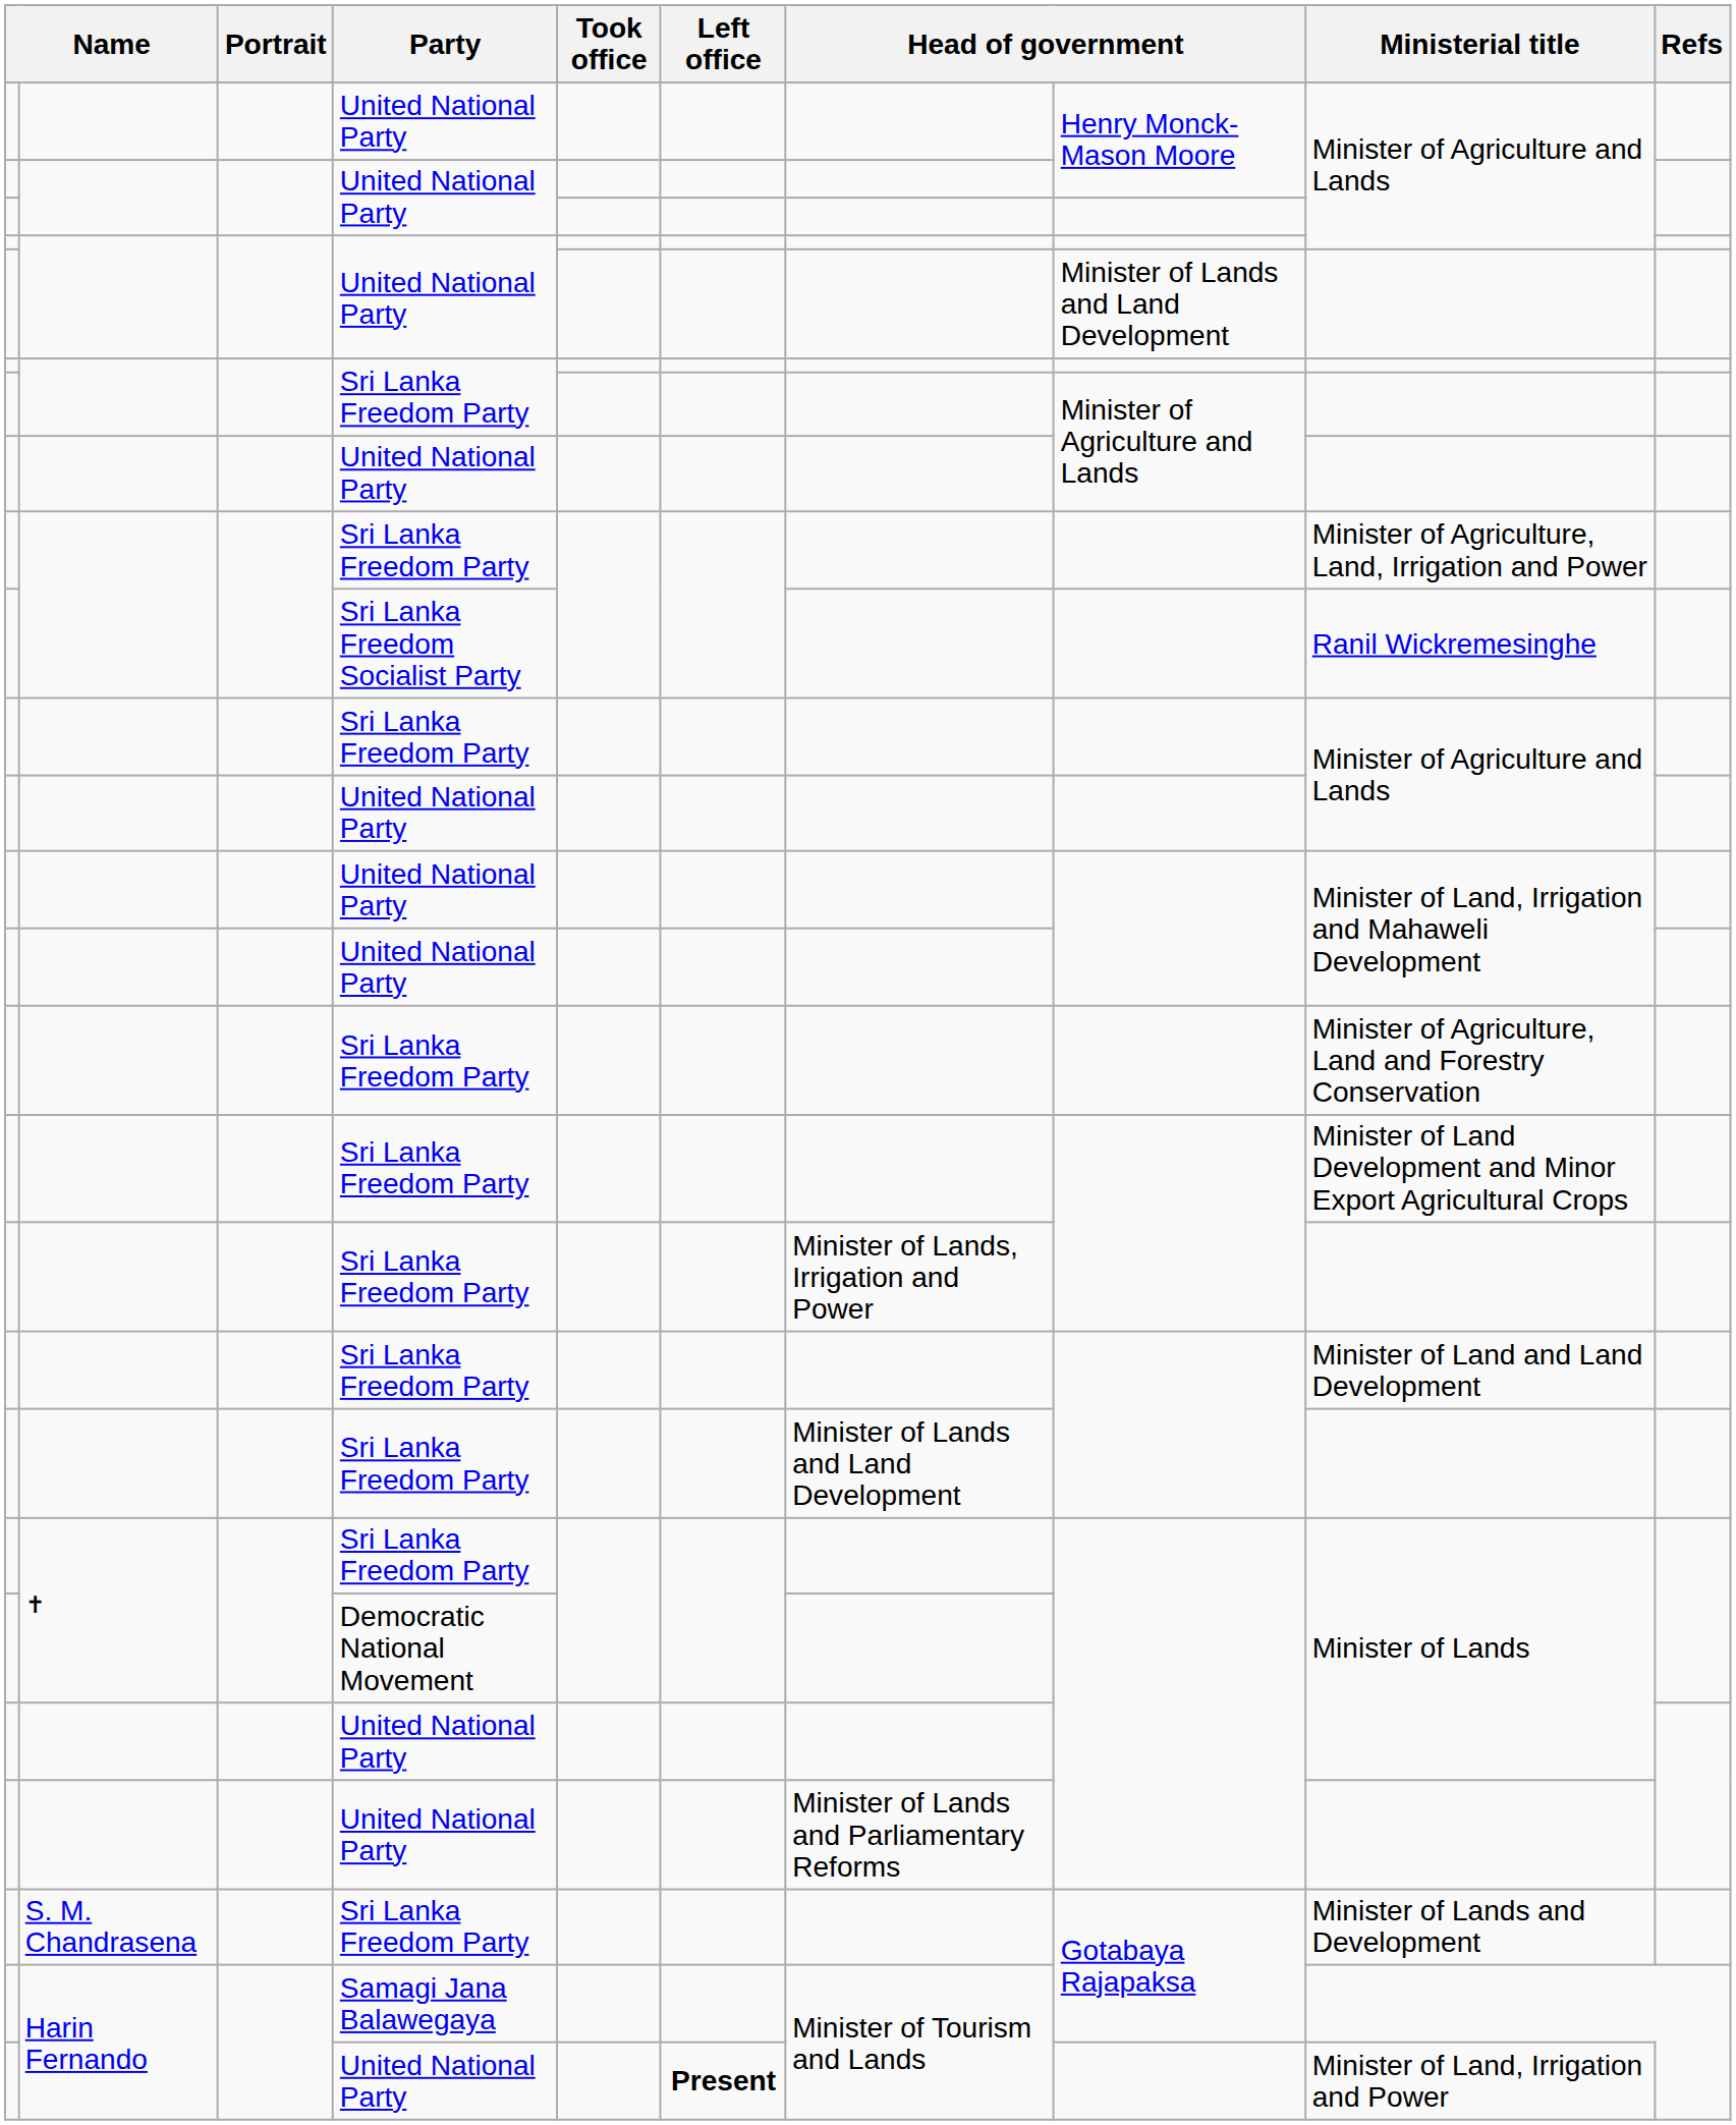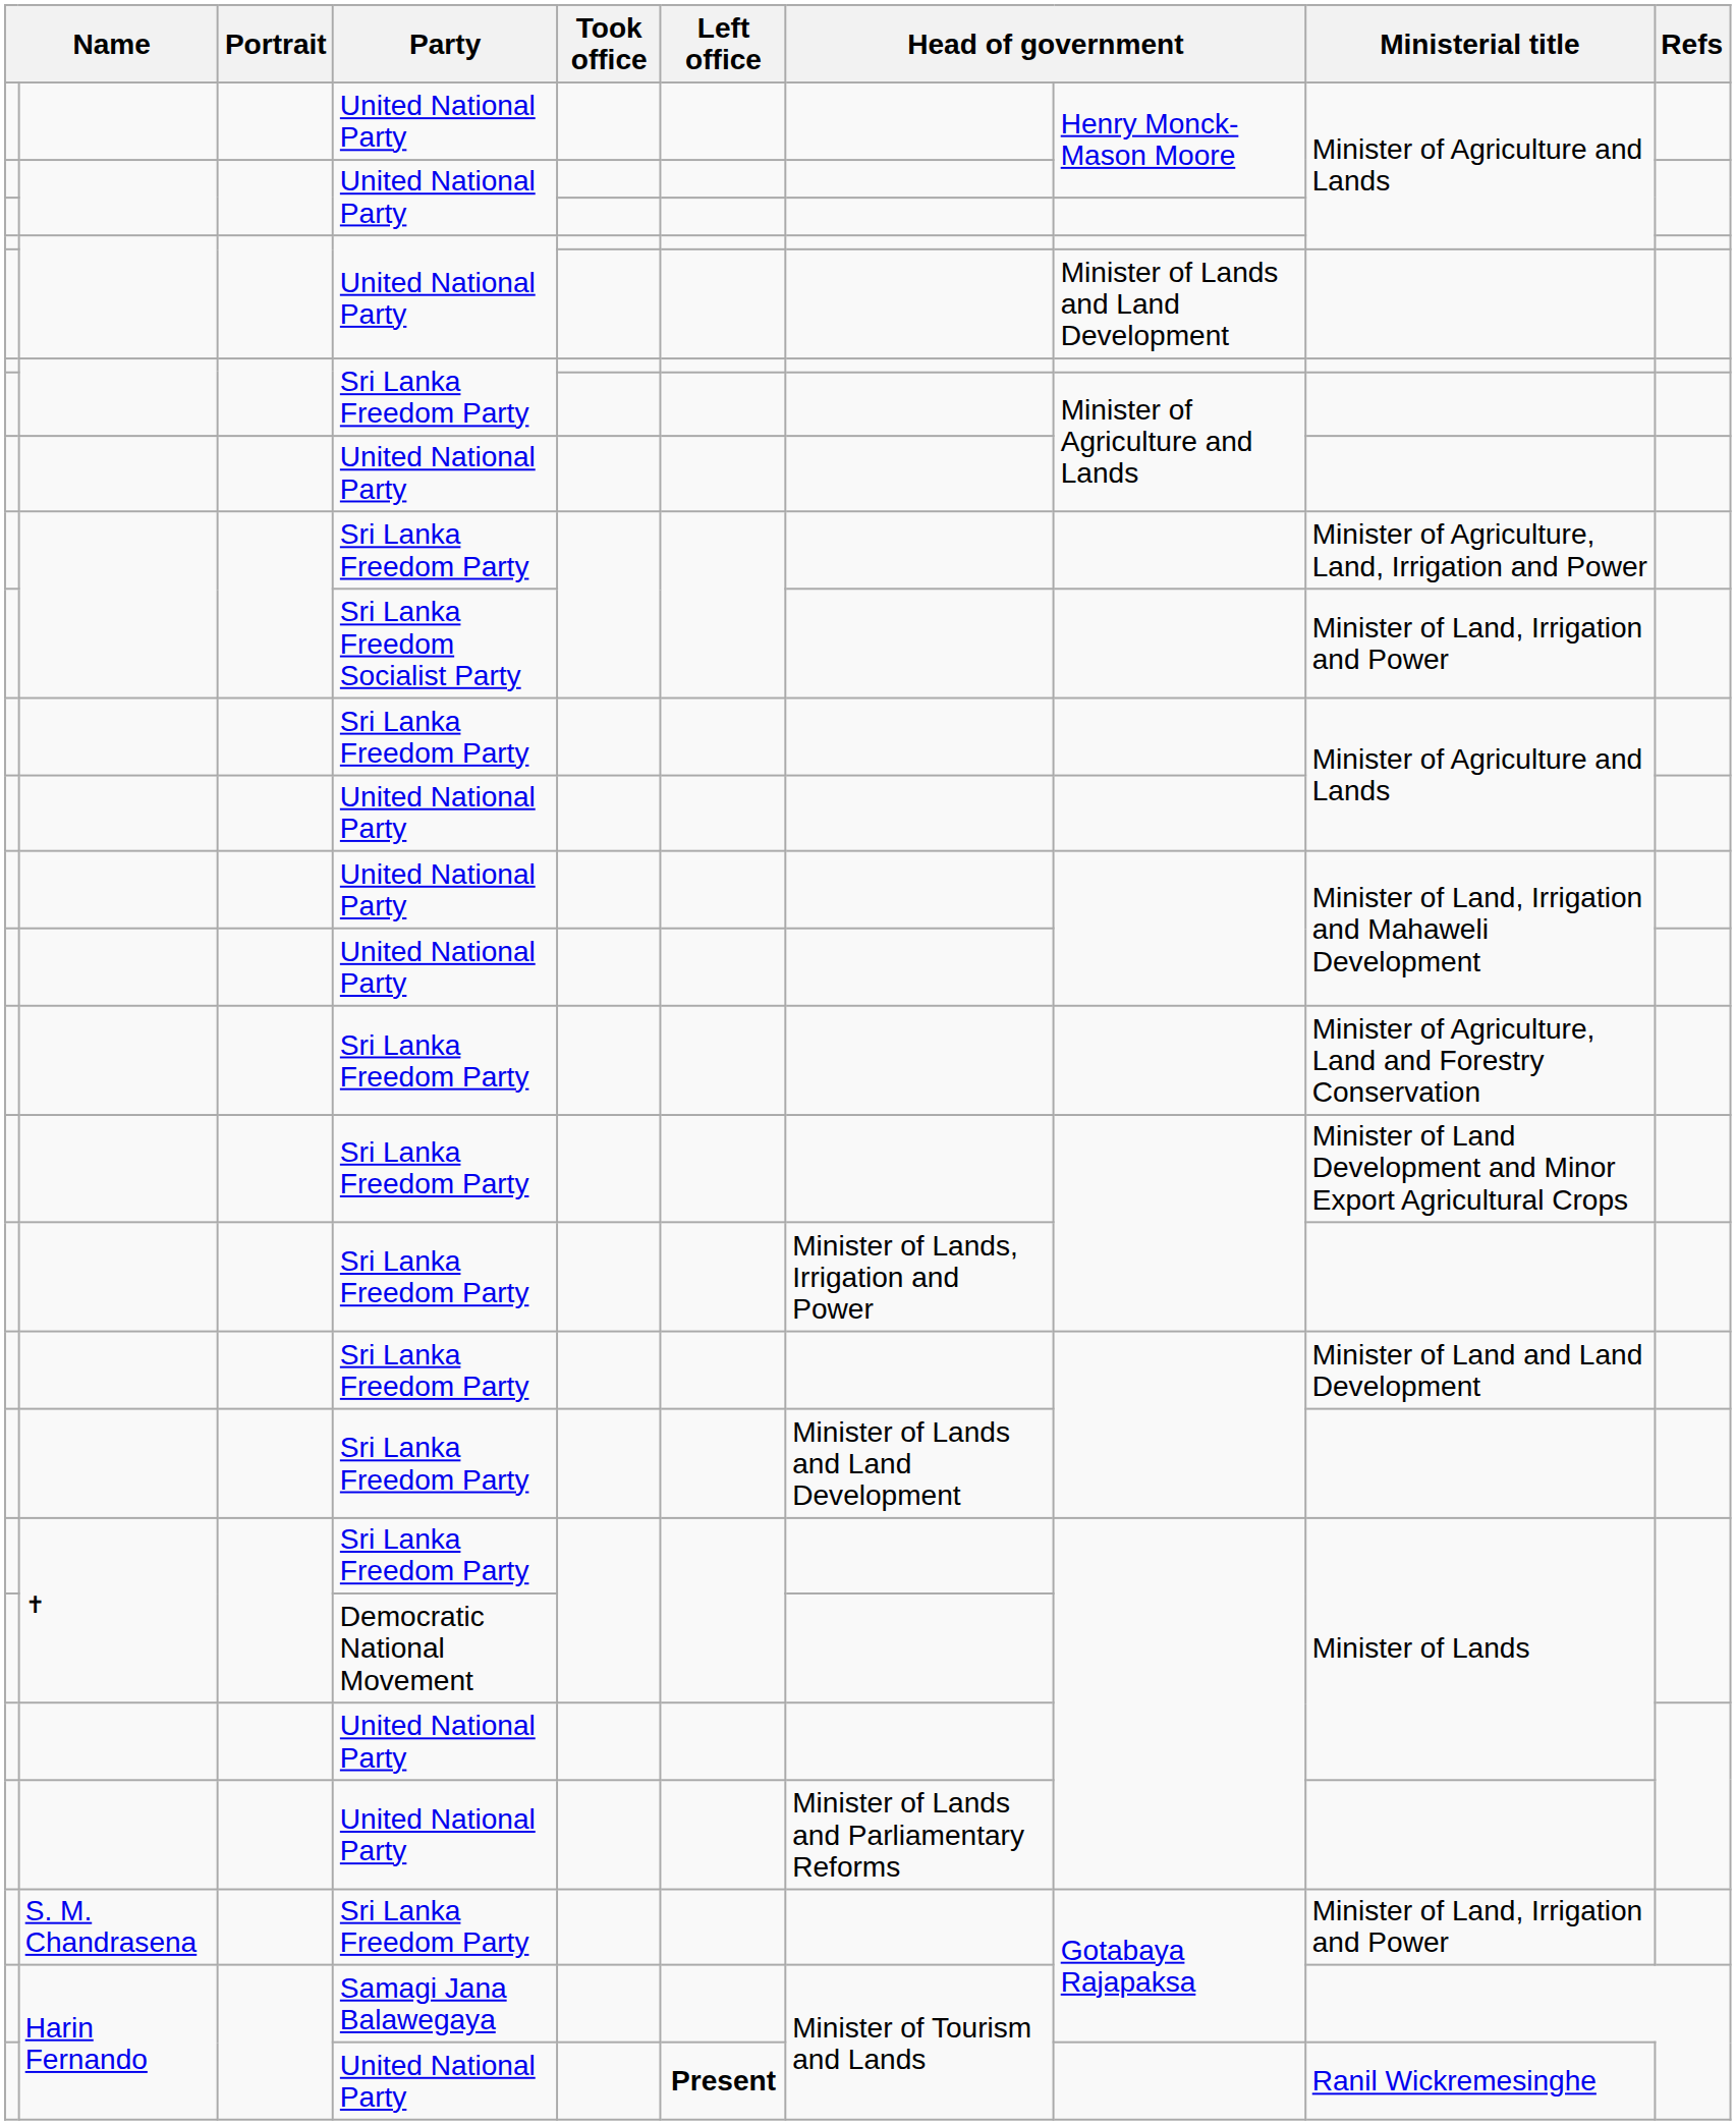 <table class="wikitable plainrowheaders sortable" style="font-size:90%; text-align:left;">
 <tr>
 <th scope=col colspan="2">Name</th>
 <th scope=col class=unsortable>Portrait</th>
 <th scope=col>Party</th>
 <th scope=col>Took office</th>
 <th scope=col>Left office</th>
 <th scope=col colspan="2">Head of government</th>
 <th scope=col>Ministerial title</th>
 <th scope=col class=unsortable>Refs</th>
 </tr>
 <tr>
 <td !align="center" style="background:"></td>
 <td></td>
 <td align=center></td>
 <td><a href='#'>United National Party</a></td>
 <td align=center></td>
 <td align=center></td>
 <td !align="center" style="background:"></td>
 <td rowspan=2><a href='#'>Henry Monck-Mason Moore</a></td>
 <td rowspan=4>Minister of Agriculture and Lands</td>
 <td align=center></td>
 </tr>
 <tr>
 <td !align="center" style="background:"></td>
 <td rowspan=2></td>
 <td align=center rowspan=2></td>
 <td rowspan=2><a href='#'>United National Party</a></td>
 <td align=center></td>
 <td align=center></td>
 <td align=center></td>
 </tr>
 <tr>
 <td align=center></td>
 <td align=center></td>
 <td !align="center" style="background:"></td>
 <td></td>
 <td align=center></td>
 </tr>
 <tr>
 <td !align="center" style="background:"></td>
 <td rowspan="2"></td>
 <td rowspan="2"></td>
 <td rowspan="2"><a href='#'>United National Party</a></td>
 <td align=center></td>
 <td align=center></td>
 <td !align="center" style="background:"></td>
 <td></td>
 <td align=center></td>
 </tr>
 <tr>
 <td align="center"></td>
 <td align="center"></td>
 <td style="background:"></td>
 <td></td>
 <td>Minister of Lands and Land Development</td>
 <td align="center"></td>
 </tr>
 <tr>
 <td style="background:"></td>
 <td rowspan="2"></td>
 <td rowspan="2"></td>
 <td rowspan="2"><a href='#'>Sri Lanka Freedom Party</a></td>
 <td align="center"></td>
 <td align="center"></td>
 <td style="background:"></td>
 <td></td>
 <td></td>
 <td align="center"></td>
 </tr>
 <tr>
 <td align=center></td>
 <td align=center></td>
 <td !align="center" style="background:"></td>
 <td></td>
 <td rowspan=2>Minister of Agriculture and Lands</td>
 <td align=center></td>
 </tr>
 <tr>
 <td !align="center" style="background:"></td>
 <td></td>
 <td></td>
 <td><a href='#'>United National Party</a></td>
 <td align=center></td>
 <td align=center></td>
 <td !align="center" style="background:"></td>
 <td></td>
 <td align=center></td>
 </tr>
 <tr>
 <td !align="center" style="background:"></td>
 <td rowspan=2></td>
 <td rowspan=2></td>
 <td><a href='#'>Sri Lanka Freedom Party</a></td>
 <td rowspan="2" align="center"></td>
 <td rowspan="2" align="center"></td>
 <td style="background:"></td>
 <td></td>
 <td>Minister of Agriculture, Land, Irrigation and Power</td>
 <td align=center></td>
 </tr>
 <tr>
 <td !align="center" style="background:"></td>
 <td><a href='#'>Sri Lanka Freedom Socialist Party</a></td>
 <td style="background:"></td>
 <td></td>
-<td><a href='#'>Ranil Wickremesinghe</a></td>
+<td>Minister of Land, Irrigation and Power</td>
 <td align=center></td>
 </tr>
 <tr>
 <td !align="center" style="background:"></td>
 <td></td>
 <td></td>
 <td><a href='#'>Sri Lanka Freedom Party</a></td>
 <td></td>
 <td></td>
 <td !align="center" style="background:"></td>
 <td></td>
 <td rowspan=2>Minister of Agriculture and Lands</td>
 <td align=center></td>
 </tr>
 <tr>
 <td !align="center" style="background:"></td>
 <td></td>
 <td align=center></td>
 <td><a href='#'>United National Party</a></td>
 <td align=center></td>
 <td></td>
 <td !align="center" style="background:"></td>
 <td></td>
 <td align=center></td>
 </tr>
 <tr>
 <td !align="center" style="background:"></td>
 <td></td>
 <td></td>
 <td><a href='#'>United National Party</a></td>
 <td align=center></td>
 <td></td>
 <td !align="center" style="background:"></td>
 <td rowspan=2></td>
 <td rowspan=2>Minister of Land, Irrigation and Mahaweli Development</td>
 <td align=center></td>
 </tr>
 <tr>
 <td !align="center" style="background:"></td>
 <td></td>
 <td></td>
 <td><a href='#'>United National Party</a></td>
 <td align=center></td>
 <td></td>
 <td align=center></td>
 </tr>
 <tr>
 <td !align="center" style="background:"></td>
 <td></td>
 <td align=center></td>
 <td><a href='#'>Sri Lanka Freedom Party</a></td>
 <td align=center></td>
 <td align=center></td>
 <td !align="center" style="background:"></td>
 <td></td>
 <td>Minister of Agriculture, Land and Forestry Conservation</td>
 <td align=center></td>
 </tr>
 <tr>
 <td !align="center" style="background:"></td>
 <td></td>
 <td align=center></td>
 <td><a href='#'>Sri Lanka Freedom Party</a></td>
 <td align=center></td>
 <td align=center></td>
 <td !align="center" style="background:"></td>
 <td rowspan=2></td>
 <td>Minister of Land Development and Minor Export Agricultural Crops</td>
 <td align=center></td>
 </tr>
 <tr>
 <td !align="center" style="background:"></td>
 <td></td>
 <td align=center></td>
 <td><a href='#'>Sri Lanka Freedom Party</a></td>
 <td align=center></td>
 <td align=center></td>
 <td>Minister of Lands, Irrigation and Power</td>
 <td align=center></td>
 </tr>
 <tr>
 <td !align="center" style="background:"></td>
 <td></td>
 <td></td>
 <td><a href='#'>Sri Lanka Freedom Party</a></td>
 <td align=center></td>
 <td></td>
 <td !align="center" style="background:"></td>
 <td rowspan=2></td>
 <td>Minister of Land and Land Development</td>
 <td align=center></td>
 </tr>
 <tr>
 <td !align="center" style="background:"></td>
 <td></td>
 <td></td>
 <td><a href='#'>Sri Lanka Freedom Party</a></td>
 <td align=center></td>
 <td></td>
 <td>Minister of Lands and Land Development</td>
 <td align=center></td>
 </tr>
 <tr>
 <td !align="center" style="background:"></td>
 <td rowspan="2"><sup>✝</sup></td>
 <td rowspan="2" align="center"></td>
 <td><a href='#'>Sri Lanka Freedom Party</a></td>
 <td rowspan="2" align="center"></td>
 <td rowspan="2" align="center"></td>
 <td !align="center" style="background:"></td>
 <td rowspan="4"></td>
 <td rowspan="3">Minister of Lands</td>
 <td rowspan="2" align="center"></td>
 </tr>
 <tr>
 <td></td>
 <td>Democratic National Movement</td>
 </tr>
 <tr>
 <td !align="center" style="background:"></td>
 <td></td>
 <td align=center></td>
 <td><a href='#'>United National Party</a></td>
 <td align=center></td>
 <td align=center></td>
 <td align="center"></td>
 </tr>
 <tr>
 <td !align="center" style="background:"></td>
 <td></td>
 <td align=center></td>
 <td><a href='#'>United National Party</a></td>
 <td align=center></td>
 <td align=center></td>
 <td>Minister of Lands and Parliamentary Reforms</td>
 <td align=center></td>
 </tr>
 <tr>
 <td align="center" style="background:"></td>
 <td><a href='#'>S. M. Chandrasena</a></td>
 <td></td>
 <td><a href='#'>Sri Lanka Freedom Party</a></td>
 <td align="center"></td>
 <td align="center"></td>
 <td align="center" style="background:"></td>
 <td rowspan="2"><a href='#'>Gotabaya Rajapaksa</a></td>
-<td>Minister of Lands and Development</td>
+<td>Minister of Land, Irrigation and Power</td>
 <td></td>
 </tr>
 <tr>
 <td !align="center" style="background:"></td>
 <td rowspan="2"><a href='#'>Harin Fernando</a></td>
 <td align="center" rowspan="2"></td>
 <td><a href='#'>Samagi Jana Balawegaya</a></td>
 <td align="center"></td>
 <td align="center"></td>
 <td rowspan="2">Minister of Tourism and Lands</td>
 </tr>
 <tr>
 <td align="center" style="background:"></td>
 <td><a href='#'>United National Party</a></td>
 <td align=center></td>
 <td align=center><strong>Present</strong></td>
 <td align="center" style="background:"></td>
-<td>Minister of Land, Irrigation and Power</td>
+<td><a href='#'>Ranil Wickremesinghe</a></td>
 </tr>
 </table>
